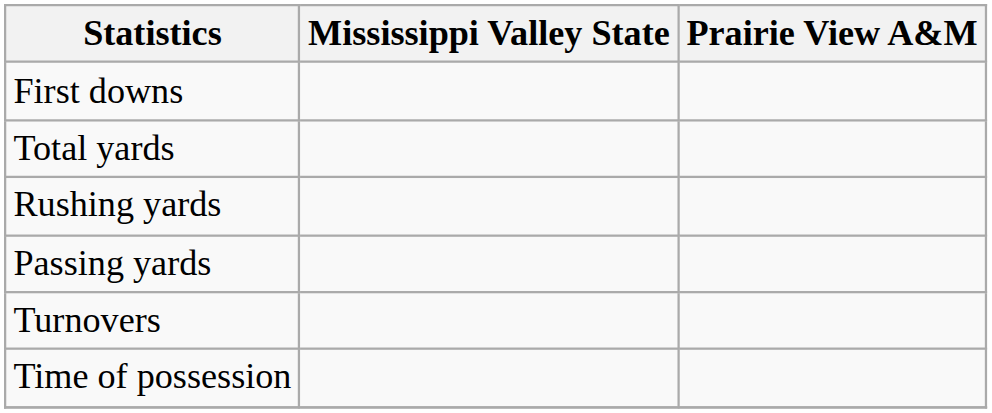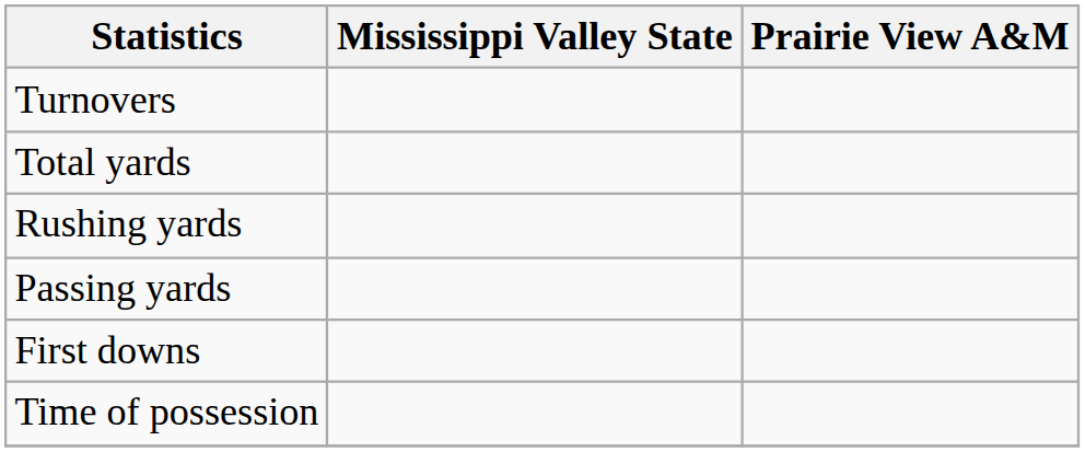 <table class="wikitable">
 <tr>
 <th>Statistics</th>
 <th>Mississippi Valley State</th>
 <th>Prairie View A&M</th>
 </tr>
 <tr>
-<td>First downs</td>
+<td>Turnovers</td>
 <td> </td>
 <td> </td>
 </tr>
 <tr>
 <td>Total yards</td>
 <td> </td>
 <td> </td>
 </tr>
 <tr>
 <td>Rushing yards</td>
 <td> </td>
 <td> </td>
 </tr>
 <tr>
 <td>Passing yards</td>
 <td> </td>
 <td> </td>
 </tr>
 <tr>
-<td>Turnovers</td>
+<td>First downs</td>
 <td> </td>
 <td> </td>
 </tr>
 <tr>
 <td>Time of possession</td>
 <td> </td>
 <td> </td>
 </tr>
 <tr>
 </tr>
 </table>
